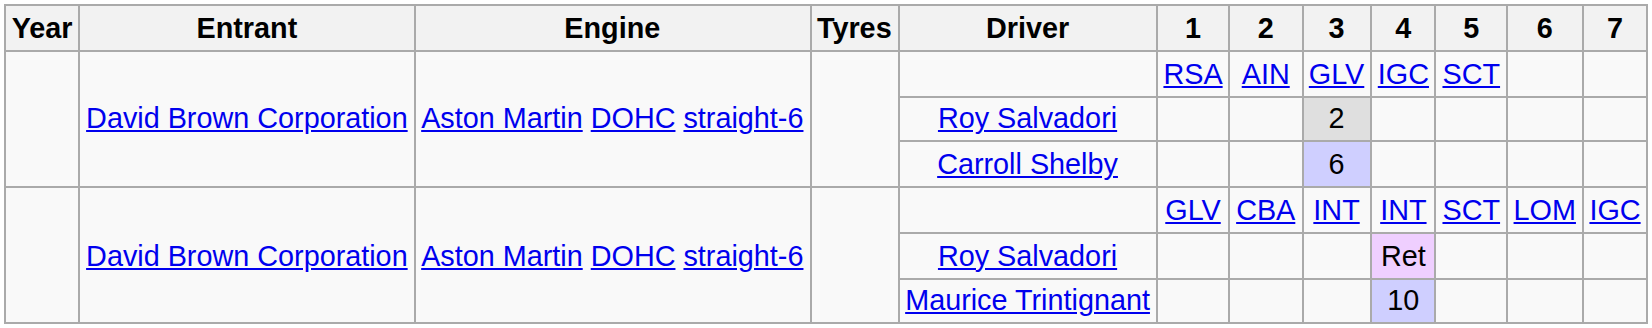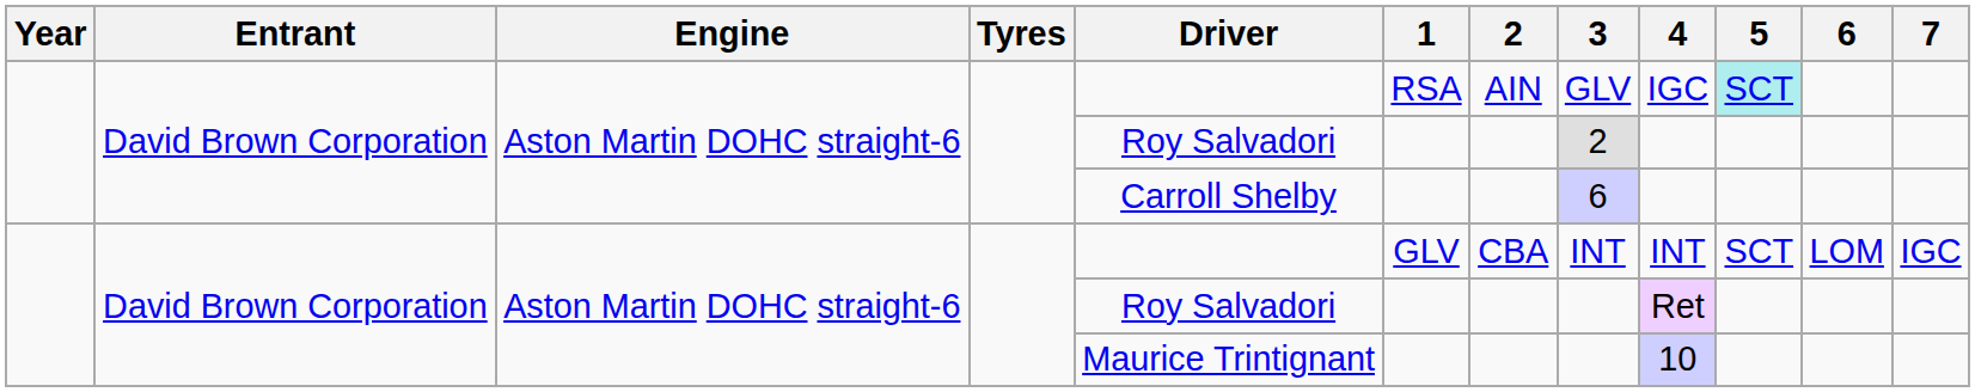 <table class="wikitable" style="text-align:center; font-size:90%">
 <tr>
 <th>Year</th>
 <th>Entrant</th>
 <th>Engine</th>
 <th>Tyres</th>
 <th>Driver</th>
 <th>1</th>
 <th>2</th>
 <th>3</th>
 <th>4</th>
 <th>5</th>
 <th>6</th>
 <th>7</th>
 </tr>
 <tr>
 <td rowspan="3"></td>
 <td rowspan="3"><a href='#'>David Brown Corporation</a></td>
 <td rowspan="3"><a href='#'>Aston Martin</a> <a href='#'>DOHC</a> <a href='#'>straight-6</a></td>
 <td rowspan="3"></td>
 <td></td>
 <td><a href='#'>RSA</a></td>
 <td><a href='#'>AIN</a></td>
 <td><a href='#'>GLV</a></td>
 <td><a href='#'>IGC</a></td>
-<td><a href='#'>SCT</a></td>
+<td style="background: paleturquoise;"><a href='#'>SCT</a></td>
 <td></td>
 <td></td>
 </tr>
 <tr>
 <td><a href='#'>Roy Salvadori</a></td>
 <td></td>
 <td></td>
 <td style="background:#dfdfdf;">2</td>
 <td></td>
 <td></td>
 <td></td>
 <td></td>
 </tr>
 <tr>
 <td><a href='#'>Carroll Shelby</a></td>
 <td></td>
 <td></td>
 <td style="background:#cfcfff;">6</td>
 <td></td>
 <td></td>
 <td></td>
 <td></td>
 </tr>
 <tr>
 <td rowspan="3"></td>
 <td rowspan="3"><a href='#'>David Brown Corporation</a></td>
 <td rowspan="3"><a href='#'>Aston Martin</a> <a href='#'>DOHC</a> <a href='#'>straight-6</a></td>
 <td rowspan="3"></td>
 <td></td>
 <td><a href='#'>GLV</a></td>
 <td><a href='#'>CBA</a></td>
 <td><a href='#'>INT</a></td>
 <td><a href='#'>INT</a></td>
 <td><a href='#'>SCT</a></td>
 <td><a href='#'>LOM</a></td>
 <td><a href='#'>IGC</a></td>
 </tr>
 <tr>
 <td><a href='#'>Roy Salvadori</a></td>
 <td></td>
 <td></td>
 <td></td>
 <td style="background:#efcfff;">Ret</td>
 <td></td>
 <td></td>
 <td></td>
 </tr>
 <tr>
 <td><a href='#'>Maurice Trintignant</a></td>
 <td></td>
 <td></td>
 <td></td>
 <td style="background:#cfcfff;">10</td>
 <td></td>
 <td></td>
 <td></td>
 </tr>
 </table>
